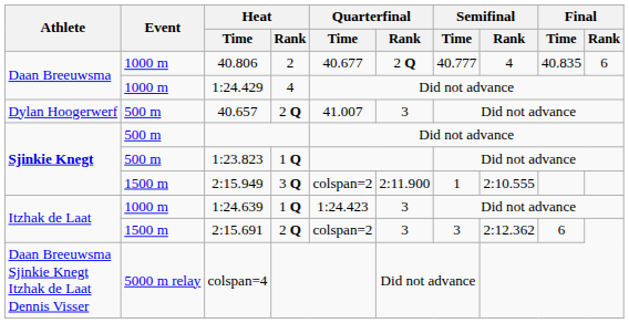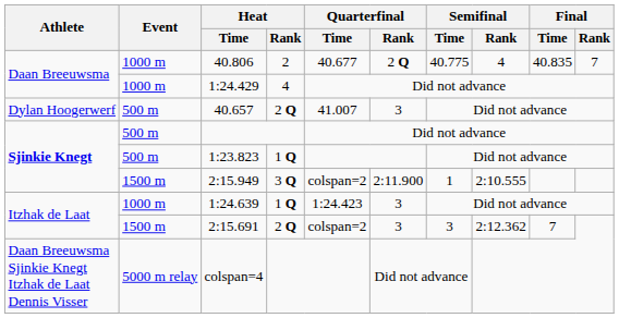 <table class="wikitable" style="font-size:90%">
 <tr>
 <th rowspan=2>Athlete</th>
 <th rowspan=2>Event</th>
 <th colspan=2>Heat</th>
 <th colspan=2>Quarterfinal</th>
 <th colspan=2>Semifinal</th>
 <th colspan=2>Final</th>
 </tr>
 <tr style="font-size:95%">
 <th>Time</th>
 <th>Rank</th>
 <th>Time</th>
 <th>Rank</th>
 <th>Time</th>
 <th>Rank</th>
 <th>Time</th>
 <th>Rank</th>
 </tr>
 <tr align=center>
 <td align=left rowspan=2><a href='#'>Daan Breeuwsma</a></td>
 <td align=left><a href='#'>1000 m</a></td>
 <td>40.806</td>
 <td>2 </td>
 <td>40.677</td>
 <td>2 <strong>Q</strong></td>
-<td>40.777</td>
+<td>40.775</td>
 <td>4 </td>
 <td>40.835</td>
-<td>6</td>
+<td>7</td>
 </tr>
 <tr align=center>
 <td align=left><a href='#'>1000 m</a></td>
 <td>1:24.429</td>
 <td>4</td>
 <td colspan=6>Did not advance</td>
 </tr>
 <tr align=center>
 <td align=left><a href='#'>Dylan Hoogerwerf</a></td>
 <td align=left><a href='#'>500 m</a></td>
 <td>40.657</td>
 <td>2 <strong>Q</strong></td>
 <td>41.007</td>
 <td>3</td>
 <td colspan=4>Did not advance</td>
 </tr>
 <tr align=center>
 <td align=left rowspan=3><strong><a href='#'>Sjinkie Knegt</a></strong></td>
 <td align=left><a href='#'>500 m</a></td>
 <td colspan=2></td>
 <td colspan=6>Did not advance</td>
 </tr>
 <tr align=center>
 <td align=left><a href='#'>500 m</a></td>
 <td>1:23.823</td>
 <td>1 <strong>Q</strong></td>
 <td colspan=2></td>
 <td colspan=4>Did not advance</td>
 </tr>
 <tr align=center>
 <td align=left><a href='#'>1500 m</a></td>
 <td>2:15.949</td>
 <td>3 <strong>Q</strong></td>
 <td>colspan=2 </td>
 <td>2:11.900</td>
 <td>1 </td>
 <td>2:10.555</td>
 <td></td>
 </tr>
 <tr align=center>
 <td align=left rowspan=2><a href='#'>Itzhak de Laat</a></td>
 <td align=left><a href='#'>1000 m</a></td>
 <td>1:24.639</td>
 <td>1 <strong>Q</strong></td>
 <td>1:24.423</td>
 <td>3</td>
 <td colspan=4>Did not advance</td>
 </tr>
 <tr align=center>
 <td align=left><a href='#'>1500 m</a></td>
 <td>2:15.691</td>
 <td>2 <strong>Q</strong></td>
 <td>colspan=2 </td>
 <td>3</td>
 <td>3 </td>
 <td>2:12.362</td>
-<td>6</td>
+<td>7</td>
 </tr>
 <tr align=center>
 <td align=left><a href='#'>Daan Breeuwsma</a><br><a href='#'>Sjinkie Knegt</a><br><a href='#'>Itzhak de Laat</a><br><a href='#'>Dennis Visser</a> </td>
 <td align=left><a href='#'>5000 m relay</a></td>
 <td>colspan=4 </td>
 <td colspan=2></td>
 <td colspan=2>Did not advance</td>
 </tr>
 </table>
